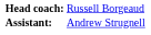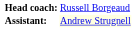 <table>
 <tr>
 <td><strong>Head coach:</strong></td>
 <td><a href='#'>Russell Borgeaud</a></td>
 </tr>
 <tr>
 <td><strong>Assistant:</strong></td>
-<td><a href='#'>Andrew Strugnell</a></td>
+<td style="background: lightyellow;"><a href='#'>Andrew Strugnell</a></td>
 </tr>
 </table>
